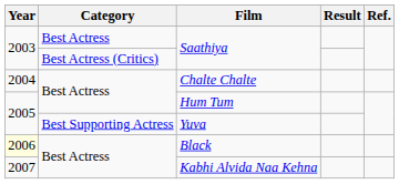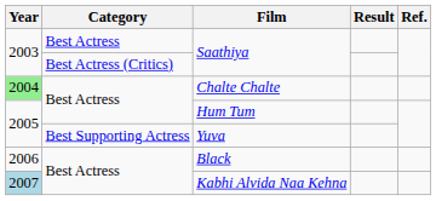 <table class="wikitable">
 <tr>
 <th>Year</th>
 <th>Category</th>
 <th>Film</th>
 <th>Result</th>
 <th>Ref.</th>
 </tr>
 <tr>
 <td rowspan="2">2003</td>
 <td><a href='#'>Best Actress</a></td>
 <td rowspan="2"><em><a href='#'>Saathiya</a></em></td>
 <td></td>
 <td rowspan="2"></td>
 </tr>
 <tr>
 <td><a href='#'>Best Actress (Critics)</a></td>
 <td></td>
 </tr>
 <tr>
-<td>2004</td>
+<td style="background: lightgreen;">2004</td>
 <td rowspan="2">Best Actress</td>
 <td><em><a href='#'>Chalte Chalte</a></em></td>
 <td></td>
 <td></td>
 </tr>
 <tr>
 <td rowspan="2">2005</td>
 <td><em><a href='#'>Hum Tum</a></em></td>
 <td></td>
 <td rowspan="2"></td>
 </tr>
 <tr>
 <td><a href='#'>Best Supporting Actress</a></td>
 <td><em><a href='#'>Yuva</a></em></td>
 <td></td>
 </tr>
 <tr>
-<td style="background: lightyellow;">2006</td>
+<td>2006</td>
 <td rowspan="2">Best Actress</td>
 <td><em><a href='#'>Black</a></em></td>
 <td></td>
 <td></td>
 </tr>
 <tr>
-<td>2007</td>
+<td style="background: lightblue;">2007</td>
 <td><em><a href='#'>Kabhi Alvida Naa Kehna</a></em></td>
 <td></td>
 <td></td>
 </tr>
 </table>
